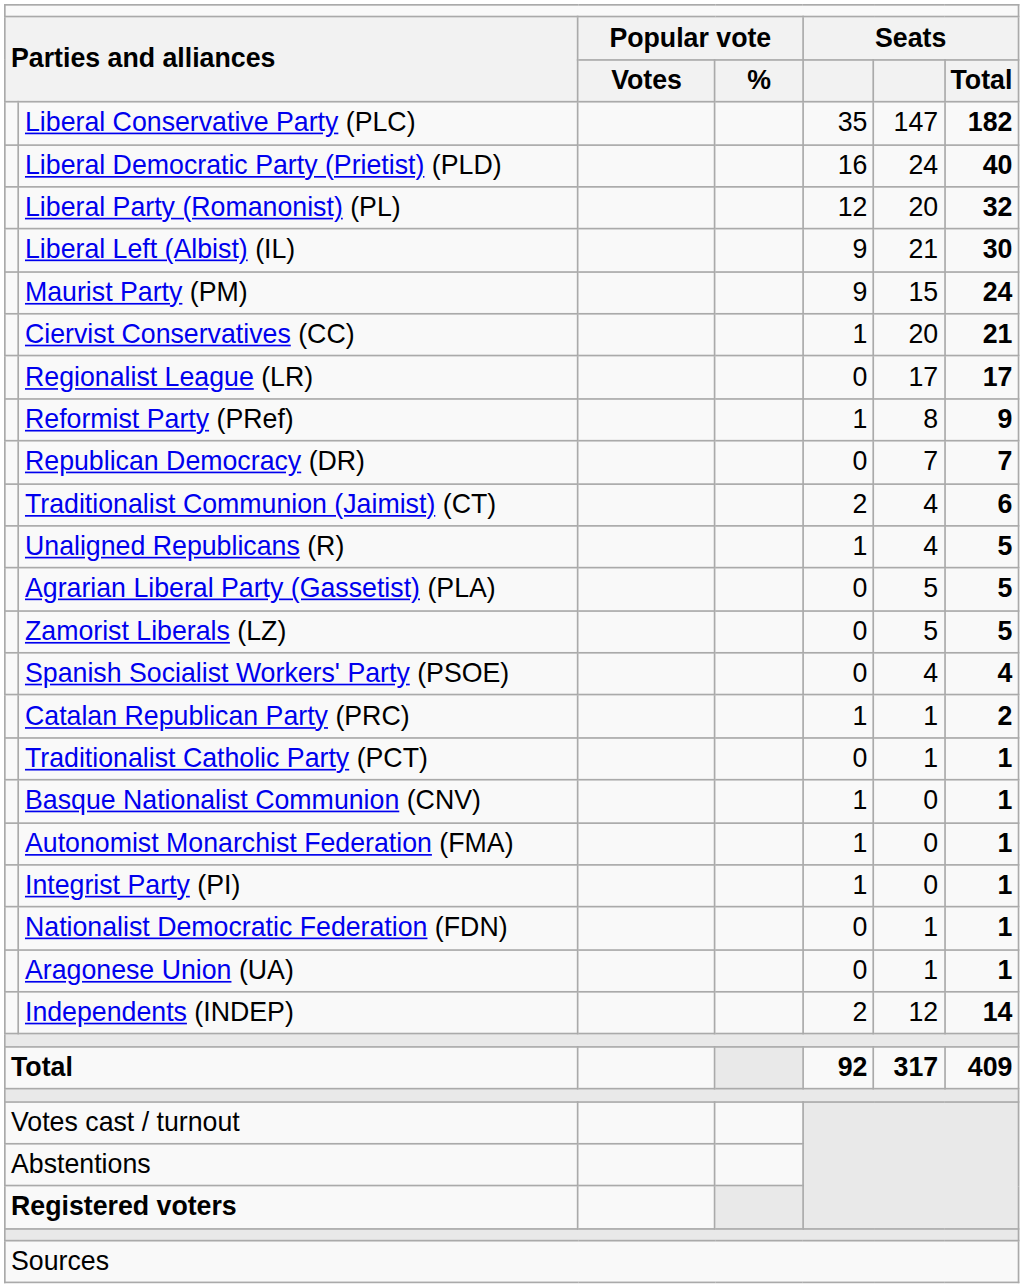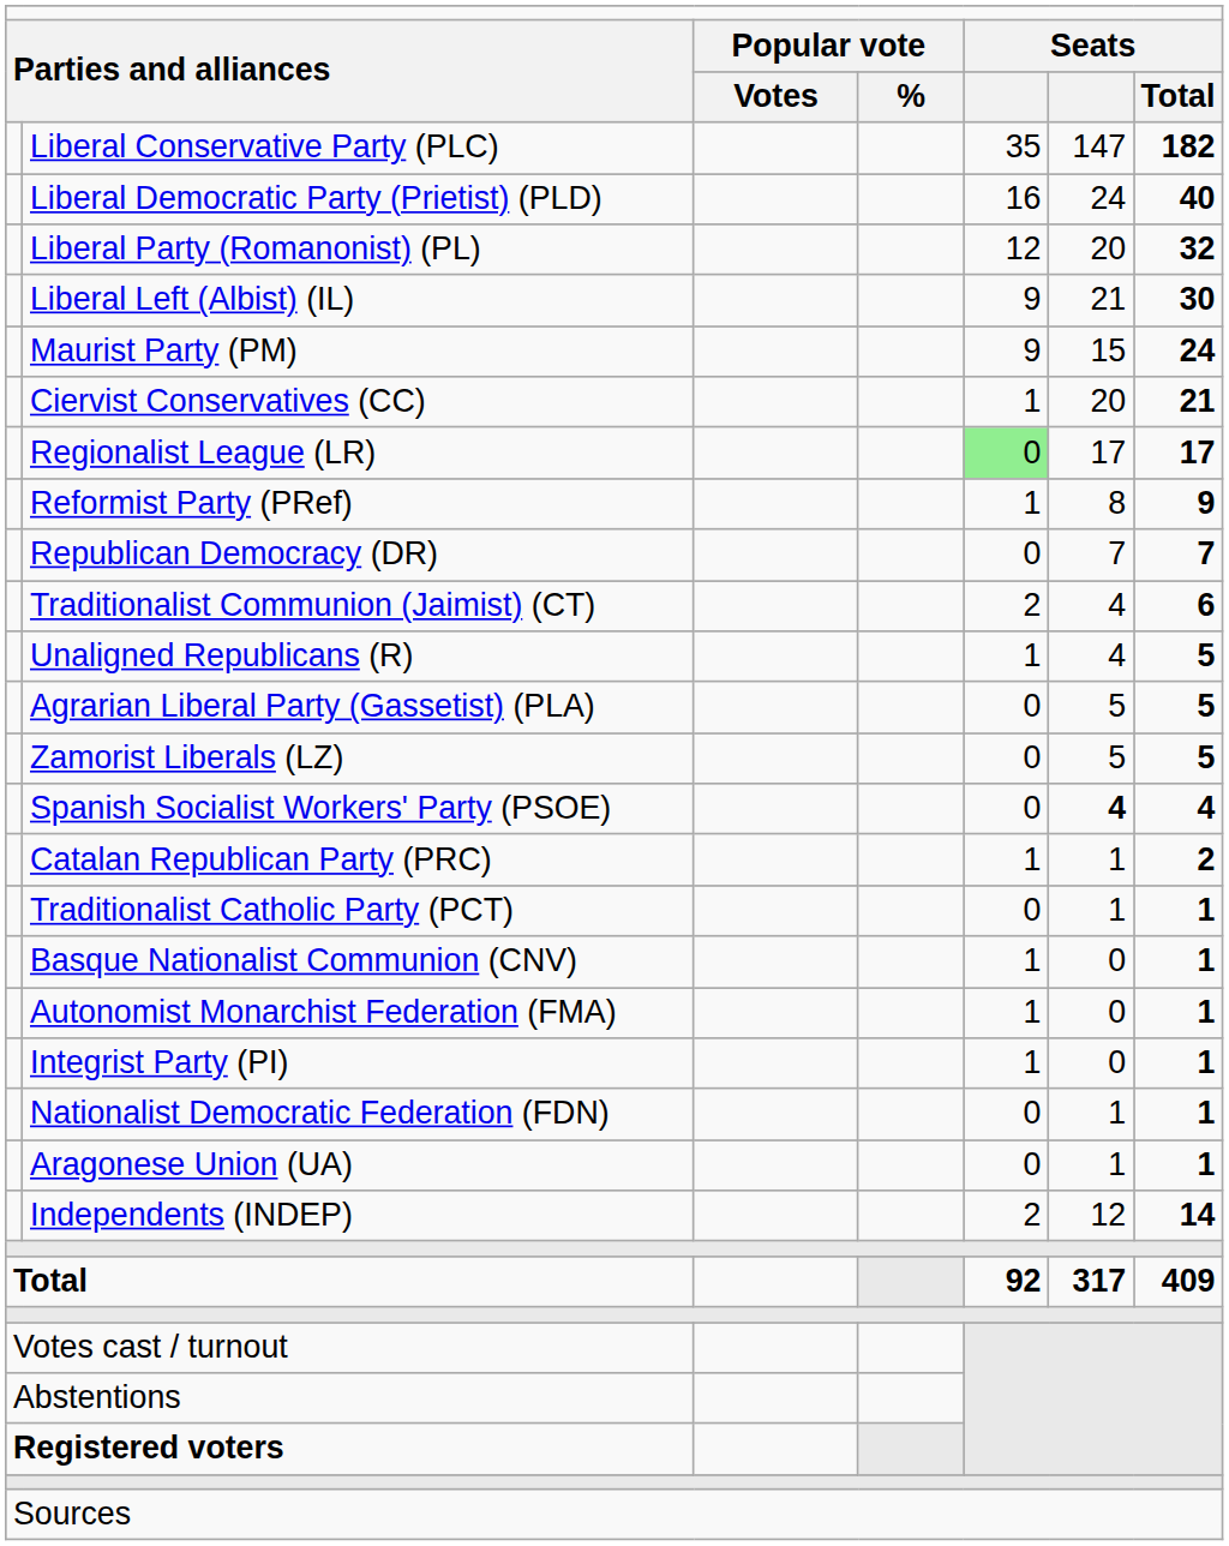 <table class="wikitable" style="text-align:right;">
 <tr>
 <td colspan="7"></td>
 </tr>
 <tr>
 <th style="text-align:left;" rowspan="2" colspan="2" width="525">Parties and alliances</th>
 <th colspan="2">Popular vote</th>
 <th colspan="3">Seats</th>
 </tr>
 <tr>
 <th width="75">Votes</th>
 <th width="45">%</th>
 <th width="35"></th>
 <th width="35"></th>
 <th width="35">Total</th>
 </tr>
 <tr>
 <td width="1" style="color:inherit;background:"></td>
 <td align="left"><a href='#'>Liberal Conservative Party</a> (PLC)</td>
 <td></td>
 <td></td>
 <td>35</td>
 <td>147</td>
 <td><strong>182</strong></td>
 </tr>
 <tr>
 <td style="color:inherit;background:"></td>
 <td align="left"><a href='#'>Liberal Democratic Party (Prietist)</a> (PLD)</td>
 <td></td>
 <td></td>
 <td>16</td>
 <td>24</td>
 <td><strong>40</strong></td>
 </tr>
 <tr>
 <td style="color:inherit;background:"></td>
 <td align="left"><a href='#'>Liberal Party (Romanonist)</a> (PL)</td>
 <td></td>
 <td></td>
 <td>12</td>
 <td>20</td>
 <td><strong>32</strong></td>
 </tr>
 <tr>
 <td style="color:inherit;background:"></td>
 <td align="left"><a href='#'>Liberal Left (Albist)</a> (IL)</td>
 <td></td>
 <td></td>
 <td>9</td>
 <td>21</td>
 <td><strong>30</strong></td>
 </tr>
 <tr>
 <td style="color:inherit;background:"></td>
 <td align="left"><a href='#'>Maurist Party</a> (PM)</td>
 <td></td>
 <td></td>
 <td>9</td>
 <td>15</td>
 <td><strong>24</strong></td>
 </tr>
 <tr>
 <td style="color:inherit;background:"></td>
 <td align="left"><a href='#'>Ciervist Conservatives</a> (CC)</td>
 <td></td>
 <td></td>
 <td>1</td>
 <td>20</td>
 <td><strong>21</strong></td>
 </tr>
 <tr>
 <td style="color:inherit;background:"></td>
 <td align="left"><a href='#'>Regionalist League</a> (LR)</td>
 <td></td>
 <td></td>
-<td>0</td>
+<td style="background: lightgreen;">0</td>
 <td>17</td>
 <td><strong>17</strong></td>
 </tr>
 <tr>
 <td style="color:inherit;background:"></td>
 <td align="left"><a href='#'>Reformist Party</a> (PRef)</td>
 <td></td>
 <td></td>
 <td>1</td>
 <td>8</td>
 <td><strong>9</strong></td>
 </tr>
 <tr>
 <td style="color:inherit;background:"></td>
 <td align="left"><a href='#'>Republican Democracy</a> (DR)</td>
 <td></td>
 <td></td>
 <td>0</td>
 <td>7</td>
 <td><strong>7</strong></td>
 </tr>
 <tr>
 <td style="color:inherit;background:"></td>
 <td align="left"><a href='#'>Traditionalist Communion (Jaimist)</a> (CT)</td>
 <td></td>
 <td></td>
 <td>2</td>
 <td>4</td>
 <td><strong>6</strong></td>
 </tr>
 <tr>
 <td style="color:inherit;background:"></td>
 <td align="left"><a href='#'>Unaligned Republicans</a> (R)</td>
 <td></td>
 <td></td>
 <td>1</td>
 <td>4</td>
 <td><strong>5</strong></td>
 </tr>
 <tr>
 <td style="color:inherit;background:"></td>
 <td align="left"><a href='#'>Agrarian Liberal Party (Gassetist)</a> (PLA)</td>
 <td></td>
 <td></td>
 <td>0</td>
 <td>5</td>
 <td><strong>5</strong></td>
 </tr>
 <tr>
 <td style="color:inherit;background:"></td>
 <td align="left"><a href='#'>Zamorist Liberals</a> (LZ)</td>
 <td></td>
 <td></td>
 <td>0</td>
 <td>5</td>
 <td><strong>5</strong></td>
 </tr>
 <tr>
 <td style="color:inherit;background:"></td>
 <td align="left"><a href='#'>Spanish Socialist Workers' Party</a> (PSOE)</td>
 <td></td>
 <td></td>
 <td>0</td>
-<td>4</td>
+<td><strong>4</strong></td>
 <td><strong>4</strong></td>
 </tr>
 <tr>
 <td style="color:inherit;background:"></td>
 <td align="left"><a href='#'>Catalan Republican Party</a> (PRC)</td>
 <td></td>
 <td></td>
 <td>1</td>
 <td>1</td>
 <td><strong>2</strong></td>
 </tr>
 <tr>
 <td style="color:inherit;background:"></td>
 <td align="left"><a href='#'>Traditionalist Catholic Party</a> (PCT)</td>
 <td></td>
 <td></td>
 <td>0</td>
 <td>1</td>
 <td><strong>1</strong></td>
 </tr>
 <tr>
 <td style="color:inherit;background:"></td>
 <td align="left"><a href='#'>Basque Nationalist Communion</a> (CNV)</td>
 <td></td>
 <td></td>
 <td>1</td>
 <td>0</td>
 <td><strong>1</strong></td>
 </tr>
 <tr>
 <td style="color:inherit;background:"></td>
 <td align="left"><a href='#'>Autonomist Monarchist Federation</a> (FMA)</td>
 <td></td>
 <td></td>
 <td>1</td>
 <td>0</td>
 <td><strong>1</strong></td>
 </tr>
 <tr>
 <td style="color:inherit;background:"></td>
 <td align="left"><a href='#'>Integrist Party</a> (PI)</td>
 <td></td>
 <td></td>
 <td>1</td>
 <td>0</td>
 <td><strong>1</strong></td>
 </tr>
 <tr>
 <td style="color:inherit;background:"></td>
 <td align="left"><a href='#'>Nationalist Democratic Federation</a> (FDN)</td>
 <td></td>
 <td></td>
 <td>0</td>
 <td>1</td>
 <td><strong>1</strong></td>
 </tr>
 <tr>
 <td style="color:inherit;background:"></td>
 <td align="left"><a href='#'>Aragonese Union</a> (UA)</td>
 <td></td>
 <td></td>
 <td>0</td>
 <td>1</td>
 <td><strong>1</strong></td>
 </tr>
 <tr>
 <td style="color:inherit;background:"></td>
 <td align="left"><a href='#'>Independents</a> (INDEP)</td>
 <td></td>
 <td></td>
 <td>2</td>
 <td>12</td>
 <td><strong>14</strong></td>
 </tr>
 <tr>
 <td colspan="7" bgcolor="#E9E9E9"></td>
 </tr>
 <tr style="font-weight:bold;">
 <td align="left" colspan="2">Total</td>
 <td></td>
 <td bgcolor="#E9E9E9"></td>
 <td>92</td>
 <td>317</td>
 <td>409</td>
 </tr>
 <tr>
 <td colspan="7" bgcolor="#E9E9E9"></td>
 </tr>
 <tr>
 <td align="left" colspan="2">Votes cast / turnout</td>
 <td></td>
 <td></td>
 <td bgcolor="#E9E9E9" colspan="3" rowspan="3"></td>
 </tr>
 <tr>
 <td align="left" colspan="2">Abstentions</td>
 <td></td>
 <td></td>
 </tr>
 <tr style="font-weight:bold;">
 <td align="left" colspan="2">Registered voters</td>
 <td></td>
 <td bgcolor="#E9E9E9"></td>
 </tr>
 <tr>
 <td colspan="7" bgcolor="#E9E9E9"></td>
 </tr>
 <tr>
 <td align="left" colspan="7">Sources</td>
 </tr>
 </table>
